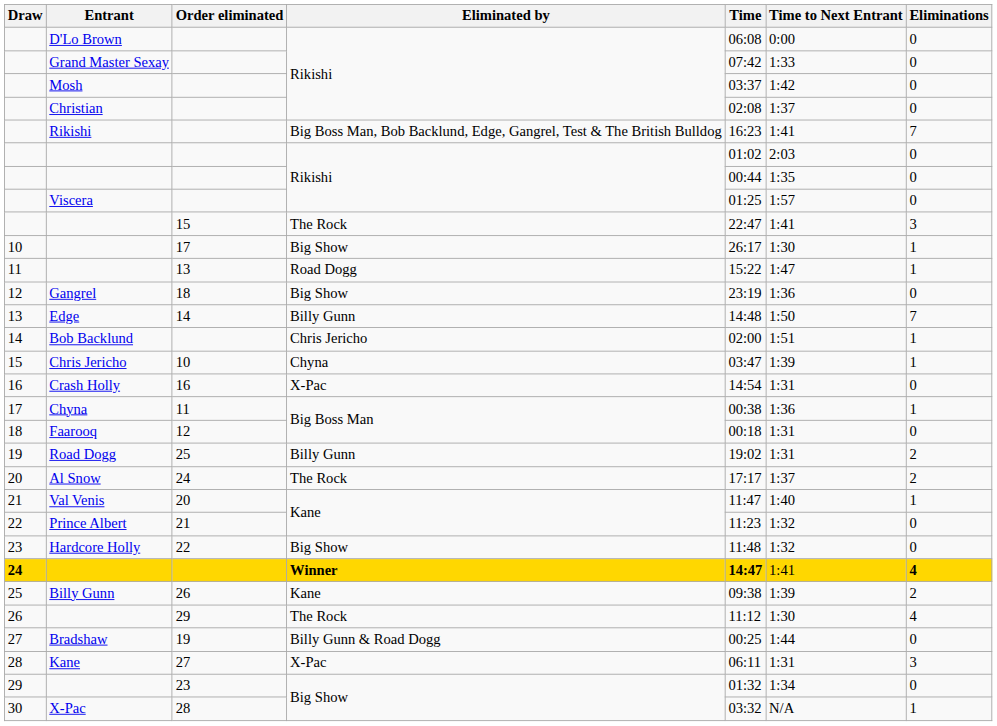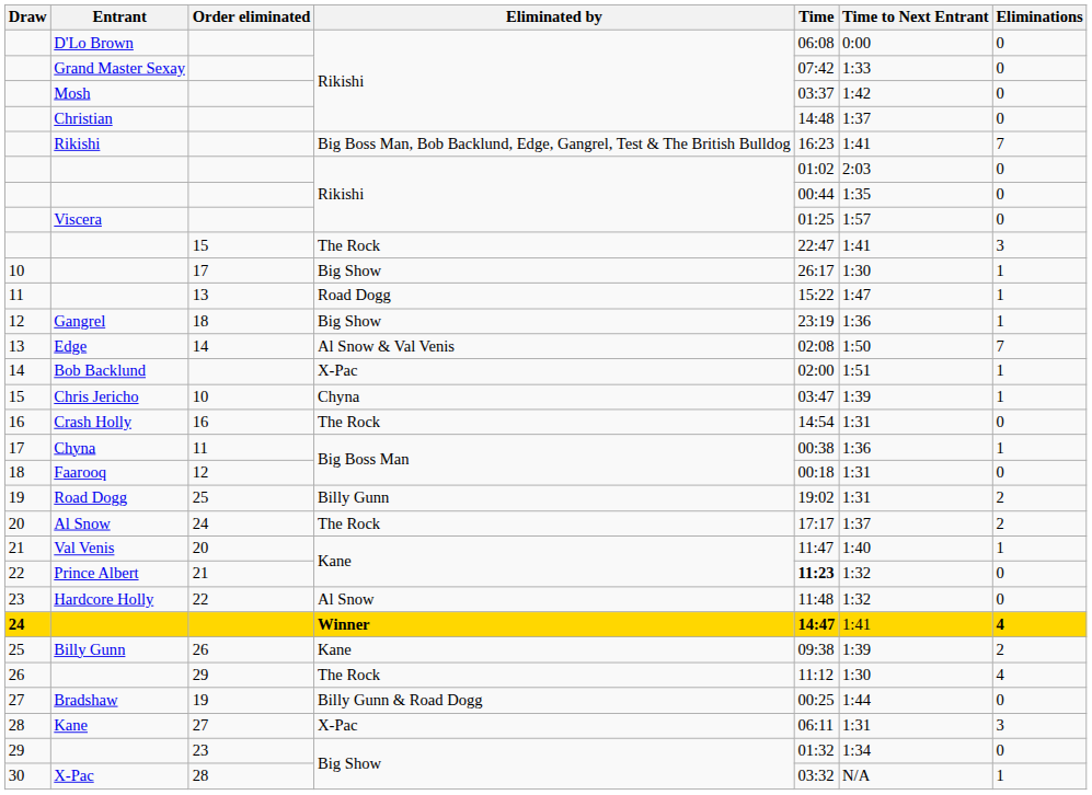 <table class="wikitable sortable">
 <tr>
 <th>Draw</th>
 <th>Entrant</th>
 <th>Order eliminated</th>
 <th>Eliminated by</th>
 <th>Time</th>
 <th>Time to Next Entrant</th>
 <th>Eliminations</th>
 </tr>
 <tr>
 <td></td>
 <td><a href='#'>D'Lo Brown</a></td>
 <td></td>
 <td rowspan="4">Rikishi</td>
 <td>06:08</td>
 <td>0:00</td>
 <td>0</td>
 </tr>
 <tr>
 <td></td>
 <td><a href='#'>Grand Master Sexay</a></td>
 <td></td>
 <td>07:42</td>
 <td>1:33</td>
 <td>0</td>
 </tr>
 <tr>
 <td></td>
 <td><a href='#'>Mosh</a></td>
 <td></td>
 <td>03:37</td>
 <td>1:42</td>
 <td>0</td>
 </tr>
 <tr>
 <td></td>
 <td><a href='#'>Christian</a></td>
 <td></td>
-<td>02:08</td>
+<td>14:48</td>
 <td>1:37</td>
 <td>0</td>
 </tr>
 <tr>
 <td></td>
 <td><a href='#'>Rikishi</a></td>
 <td></td>
 <td>Big Boss Man, Bob Backlund, Edge, Gangrel, Test & The British Bulldog</td>
 <td>16:23</td>
 <td>1:41</td>
 <td>7</td>
 </tr>
 <tr>
 <td></td>
 <td></td>
 <td></td>
 <td rowspan="3">Rikishi</td>
 <td>01:02</td>
 <td>2:03</td>
 <td>0</td>
 </tr>
 <tr>
 <td></td>
 <td></td>
 <td></td>
 <td>00:44</td>
 <td>1:35</td>
 <td>0</td>
 </tr>
 <tr>
 <td></td>
 <td><a href='#'>Viscera</a></td>
 <td></td>
 <td>01:25</td>
 <td>1:57</td>
 <td>0</td>
 </tr>
 <tr>
 <td></td>
 <td></td>
 <td>15</td>
 <td>The Rock</td>
 <td>22:47</td>
 <td>1:41</td>
 <td>3</td>
 </tr>
 <tr>
 <td>10</td>
 <td></td>
 <td>17</td>
 <td>Big Show</td>
 <td>26:17</td>
 <td>1:30</td>
 <td>1</td>
 </tr>
 <tr>
 <td>11</td>
 <td></td>
 <td>13</td>
 <td>Road Dogg</td>
 <td>15:22</td>
 <td>1:47</td>
 <td>1</td>
 </tr>
 <tr>
 <td>12</td>
 <td><a href='#'>Gangrel</a></td>
 <td>18</td>
 <td>Big Show</td>
 <td>23:19</td>
 <td>1:36</td>
-<td>0</td>
+<td>1</td>
 </tr>
 <tr>
 <td>13</td>
 <td><a href='#'>Edge</a></td>
 <td>14</td>
-<td>Billy Gunn</td>
-<td>14:48</td>
+<td>Al Snow & Val Venis</td>
+<td>02:08</td>
 <td>1:50</td>
 <td>7</td>
 </tr>
 <tr>
 <td>14</td>
 <td><a href='#'>Bob Backlund</a></td>
 <td></td>
-<td>Chris Jericho</td>
+<td>X-Pac</td>
 <td>02:00</td>
 <td>1:51</td>
 <td>1</td>
 </tr>
 <tr>
 <td>15</td>
 <td><a href='#'>Chris Jericho</a></td>
 <td>10</td>
 <td>Chyna</td>
 <td>03:47</td>
 <td>1:39</td>
 <td>1</td>
 </tr>
 <tr>
 <td>16</td>
 <td><a href='#'>Crash Holly</a></td>
 <td>16</td>
-<td>X-Pac</td>
+<td>The Rock</td>
 <td>14:54</td>
 <td>1:31</td>
 <td>0</td>
 </tr>
 <tr>
 <td>17</td>
 <td><a href='#'>Chyna</a></td>
 <td>11</td>
 <td rowspan="2">Big Boss Man</td>
 <td>00:38</td>
 <td>1:36</td>
 <td>1</td>
 </tr>
 <tr>
 <td>18</td>
 <td><a href='#'>Faarooq</a></td>
 <td>12</td>
 <td>00:18</td>
 <td>1:31</td>
 <td>0</td>
 </tr>
 <tr>
 <td>19</td>
 <td><a href='#'>Road Dogg</a></td>
 <td>25</td>
 <td>Billy Gunn</td>
 <td>19:02</td>
 <td>1:31</td>
 <td>2</td>
 </tr>
 <tr>
 <td>20</td>
 <td><a href='#'>Al Snow</a></td>
 <td>24</td>
 <td>The Rock</td>
 <td>17:17</td>
 <td>1:37</td>
 <td>2</td>
 </tr>
 <tr>
 <td>21</td>
 <td><a href='#'>Val Venis</a></td>
 <td>20</td>
 <td rowspan="2">Kane</td>
 <td>11:47</td>
 <td>1:40</td>
 <td>1</td>
 </tr>
 <tr>
 <td>22</td>
 <td><a href='#'>Prince Albert</a></td>
 <td>21</td>
-<td>11:23</td>
+<td><strong>11:23</strong></td>
 <td>1:32</td>
 <td>0</td>
 </tr>
 <tr>
 <td>23</td>
 <td><a href='#'>Hardcore Holly</a></td>
 <td>22</td>
-<td>Big Show</td>
+<td>Al Snow</td>
 <td>11:48</td>
 <td>1:32</td>
 <td>0</td>
 </tr>
 <tr style="background: gold">
 <td><strong>24</strong></td>
 <td><strong></strong></td>
 <td><strong></strong></td>
 <td><strong>Winner</strong></td>
 <td><strong>14:47</strong></td>
 <td>1:41</td>
 <td><strong>4</strong></td>
 </tr>
 <tr>
 <td>25</td>
 <td><a href='#'>Billy Gunn</a></td>
 <td>26</td>
 <td>Kane</td>
 <td>09:38</td>
 <td>1:39</td>
 <td>2</td>
 </tr>
 <tr>
 <td>26</td>
 <td></td>
 <td>29</td>
 <td>The Rock</td>
 <td>11:12</td>
 <td>1:30</td>
 <td>4</td>
 </tr>
 <tr>
 <td>27</td>
 <td><a href='#'>Bradshaw</a></td>
 <td>19</td>
 <td>Billy Gunn & Road Dogg</td>
 <td>00:25</td>
 <td>1:44</td>
 <td>0</td>
 </tr>
 <tr>
 <td>28</td>
 <td><a href='#'>Kane</a></td>
 <td>27</td>
 <td>X-Pac</td>
 <td>06:11</td>
 <td>1:31</td>
 <td>3</td>
 </tr>
 <tr>
 <td>29</td>
 <td></td>
 <td>23</td>
 <td rowspan="2">Big Show</td>
 <td>01:32</td>
 <td>1:34</td>
 <td>0</td>
 </tr>
 <tr>
 <td>30</td>
 <td><a href='#'>X-Pac</a></td>
 <td>28</td>
 <td>03:32</td>
 <td>N/A</td>
 <td>1</td>
 </tr>
 </table>
